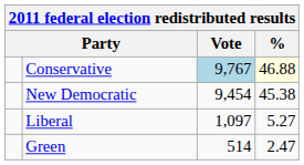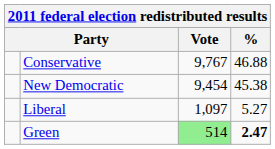 <table class="wikitable">
 <tr>
 <th colspan="4"><a href='#'>2011 federal election</a> redistributed results</th>
 </tr>
 <tr>
 <th bgcolor="#DDDDFF" width="130px" colspan="2">Party</th>
 <th bgcolor="#DDDDFF" width="50px">Vote</th>
 <th bgcolor="#DDDDFF" width="30px">%</th>
 </tr>
 <tr>
 <td> </td>
 <td><a href='#'>Conservative</a></td>
-<td align=right style="background: lightblue;">9,767</td>
-<td align=right style="background: lightyellow;">46.88</td>
+<td align=right>9,767</td>
+<td align=right>46.88</td>
 </tr>
 <tr>
 <td> </td>
 <td><a href='#'>New Democratic</a></td>
 <td align=right>9,454</td>
 <td align=right>45.38</td>
 </tr>
 <tr>
 <td> </td>
 <td><a href='#'>Liberal</a></td>
 <td align=right>1,097</td>
 <td align=right>5.27</td>
 </tr>
 <tr>
 <td> </td>
 <td><a href='#'>Green</a></td>
-<td align=right>514</td>
-<td align=right>2.47</td>
+<td align=right style="background: lightgreen;">514</td>
+<td align=right><strong>2.47</strong></td>
 </tr>
 </table>
